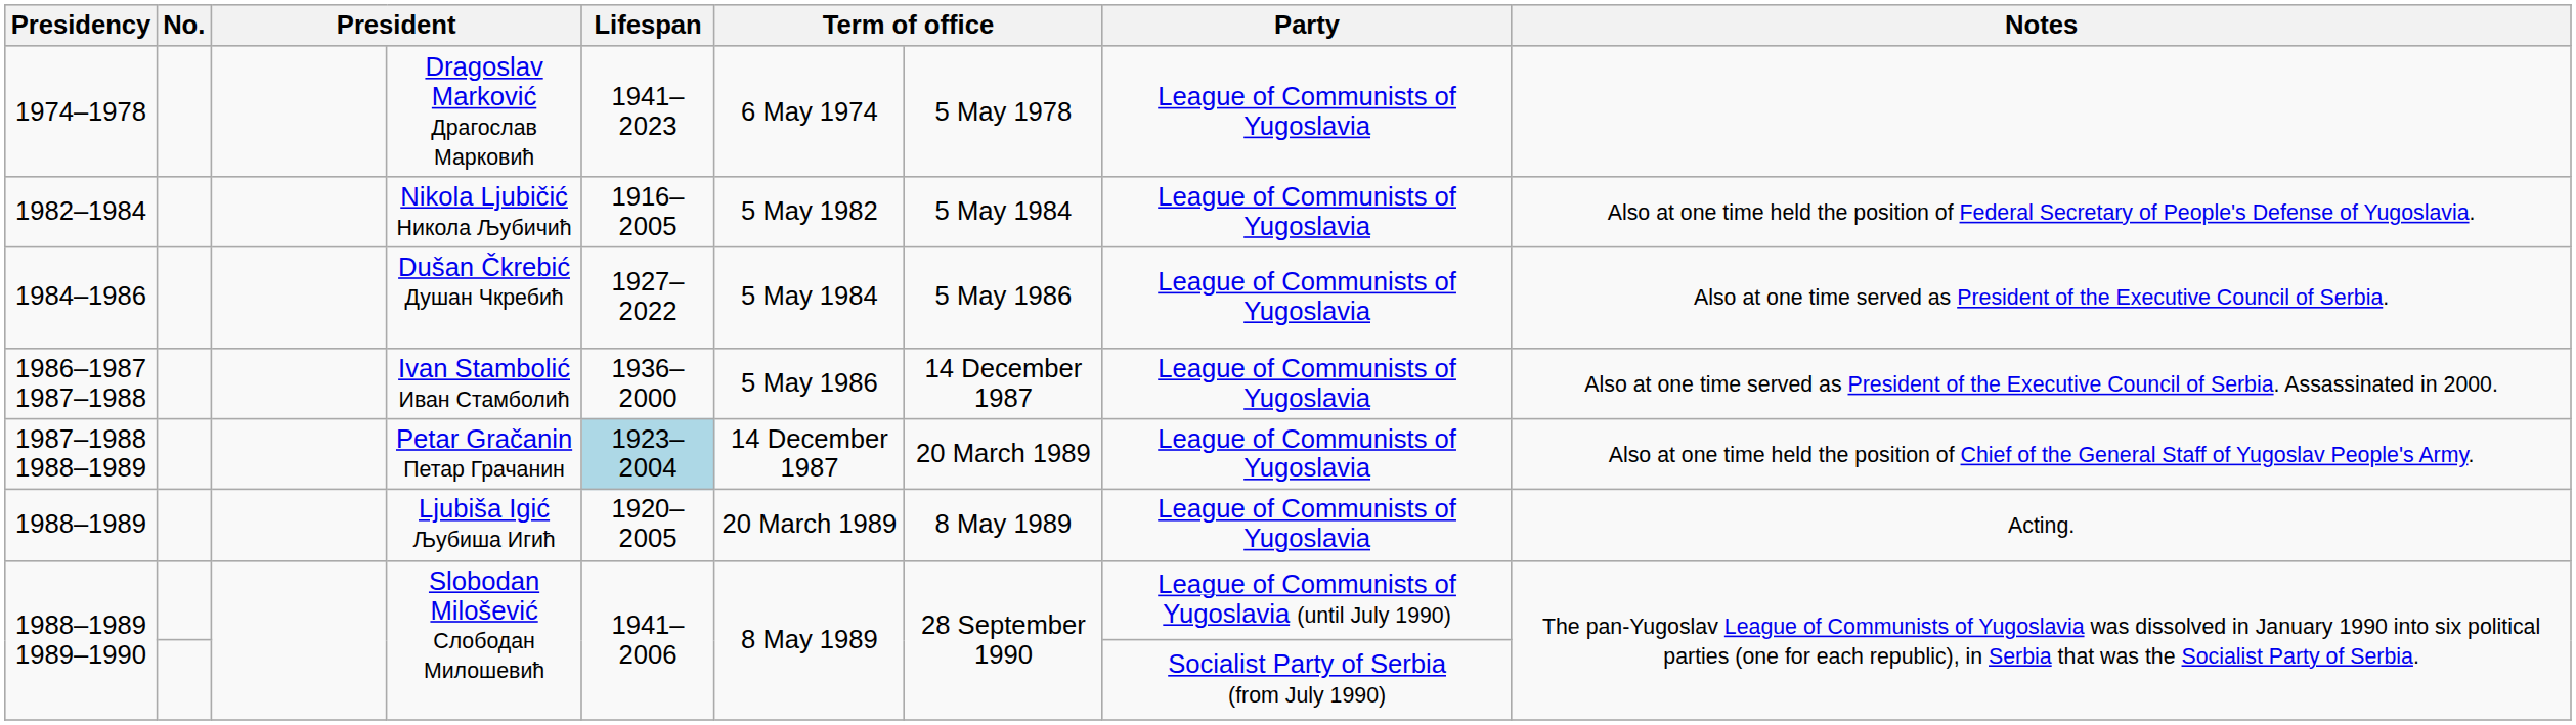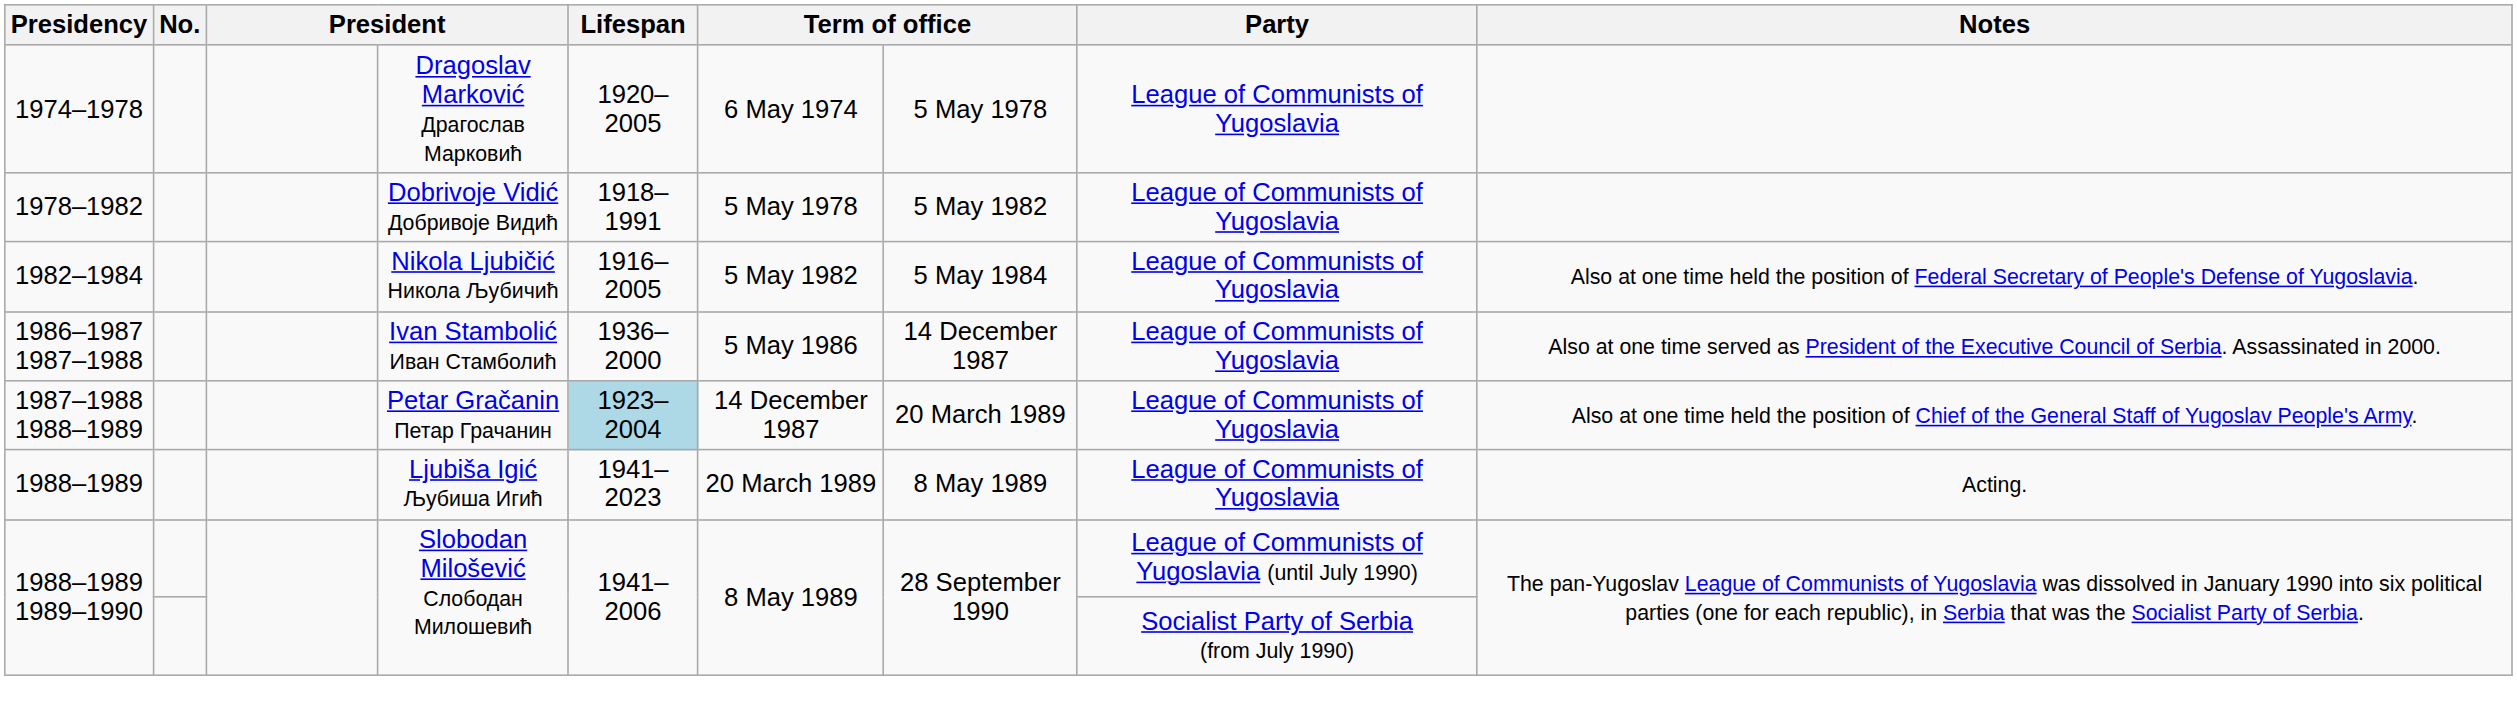 <table class="wikitable" style="text-align:center">
 <tr>
 <th>Presidency</th>
 <th>No.</th>
 <th colspan="2">President</th>
 <th>Lifespan</th>
 <th colspan="2">Term of office</th>
 <th>Party</th>
 <th>Notes</th>
 </tr>
 <tr>
 <td>1974–1978</td>
 <td style="background: "></td>
 <td width="100px"></td>
 <td><a href='#'>Dragoslav Marković</a><br><small>Драгослав Марковић</small></td>
-<td>1941–2023</td>
+<td>1920–2005</td>
 <td>6 May 1974</td>
 <td>5 May 1978</td>
+<td><a href='#'>League of Communists of Yugoslavia</a></td>
+<td></td>
+</tr>
+<tr>
+<td>1978–1982</td>
+<td style="background: "></td>
+<td width="100px"></td>
+<td><a href='#'>Dobrivoje Vidić</a><br><small>Добривоје Видић</small></td>
+<td>1918–1991</td>
+<td>5 May 1978</td>
+<td>5 May 1982</td>
 <td><a href='#'>League of Communists of Yugoslavia</a></td>
 <td></td>
 </tr>
 <tr>
 <td>1982–1984</td>
 <td style="background: "></td>
 <td width="100px"></td>
 <td><a href='#'>Nikola Ljubičić</a><br><small>Никола Љубичић</small></td>
 <td>1916–2005</td>
 <td>5 May 1982</td>
 <td>5 May 1984</td>
 <td><a href='#'>League of Communists of Yugoslavia</a></td>
 <td><small>Also at one time held the position of <a href='#'>Federal Secretary of People's Defense of Yugoslavia</a>.</small></td>
-</tr>
-<tr>
-<td>1984–1986</td>
-<td style="background: "></td>
-<td width="100px"></td>
-<td><a href='#'>Dušan Čkrebić</a><br><small>Душан Чкребић</small><br><br></td>
-<td>1927–2022</td>
-<td>5 May 1984</td>
-<td>5 May 1986</td>
-<td><a href='#'>League of Communists of Yugoslavia</a></td>
-<td><small>Also at one time served as <a href='#'>President of the Executive Council of Serbia</a>.</small></td>
 </tr>
 <tr>
 <td>1986–1987<br>1987–1988</td>
 <td style="background: "></td>
 <td width="100px"></td>
 <td><a href='#'>Ivan Stambolić</a><br><small>Иван Стамболић</small></td>
 <td>1936–2000</td>
 <td>5 May 1986</td>
 <td>14 December 1987</td>
 <td><a href='#'>League of Communists of Yugoslavia</a></td>
 <td><small>Also at one time served as <a href='#'>President of the Executive Council of Serbia</a>. Assassinated in 2000.</small></td>
 </tr>
 <tr>
 <td>1987–1988<br>1988–1989</td>
 <td style="background: "></td>
 <td></td>
 <td><a href='#'>Petar Gračanin</a><br><small>Петар Грачанин</small></td>
 <td style="background: lightblue;">1923–2004</td>
 <td>14 December 1987</td>
 <td>20 March 1989</td>
 <td><a href='#'>League of Communists of Yugoslavia</a></td>
 <td><small>Also at one time held the position of <a href='#'>Chief of the General Staff of Yugoslav People's Army</a>.</small></td>
 </tr>
 <tr>
 <td>1988–1989</td>
 <td style="background: "></td>
 <td width="100px"></td>
 <td><a href='#'>Ljubiša Igić</a><br><small>Љубиша Игић</small></td>
-<td>1920–2005</td>
+<td>1941–2023</td>
 <td>20 March 1989</td>
 <td>8 May 1989</td>
 <td><a href='#'>League of Communists of Yugoslavia</a></td>
 <td><small>Acting.</small></td>
 </tr>
 <tr>
 <td rowspan="2">1988–1989<br>1989–1990</td>
 <td style="background: "></td>
 <td rowspan="2"></td>
 <td rowspan="2"><a href='#'>Slobodan Milošević</a><br><small>Слободан Милошевић</small><br><br></td>
 <td rowspan="2">1941–2006</td>
 <td rowspan="2">8 May 1989</td>
 <td rowspan="2">28 September 1990</td>
 <td><a href='#'>League of Communists of Yugoslavia</a> <small>(until July 1990)</small></td>
 <td rowspan="2"><small>The pan-Yugoslav <a href='#'>League of Communists of Yugoslavia</a> was dissolved in January 1990 into six political parties (one for each republic), in <a href='#'>Serbia</a> that was the <a href='#'>Socialist Party of Serbia</a>.</small></td>
 </tr>
 <tr>
 <td width="5px" style="background: "></td>
 <td><a href='#'>Socialist Party of Serbia</a><br><small>(from July 1990)</small></td>
 </tr>
 </table>
